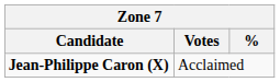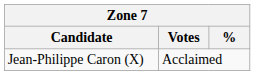 <table class="wikitable">
 <tr>
 <th colspan="3">Zone 7</th>
 </tr>
 <tr>
 <th style="width: 170px">Candidate</th>
 <th style="width: 50px">Votes</th>
 <th style="width: 40px">%</th>
 </tr>
 <tr>
-<td><strong>Jean-Philippe Caron (X)</strong></td>
+<td>Jean-Philippe Caron (X)</td>
 <td colspan="2">Acclaimed</td>
 </tr>
 </table>
